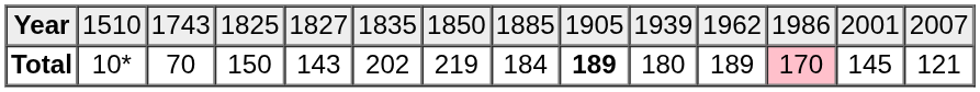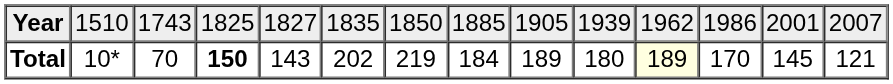 <table border="1" cellpadding="2" cellspacing="0" width="500">
 <tr bgcolor="#eeeeee" align="center">
 <td><strong>Year</strong></td>
 <td>1510</td>
 <td>1743</td>
 <td>1825</td>
 <td>1827</td>
 <td>1835</td>
 <td>1850</td>
 <td>1885</td>
 <td>1905</td>
 <td>1939</td>
 <td>1962</td>
 <td>1986</td>
 <td>2001</td>
 <td>2007</td>
 </tr>
 <tr align="center">
 <td><strong>Total</strong></td>
 <td>10*</td>
 <td>70</td>
-<td>150</td>
+<td><strong>150</strong></td>
 <td>143</td>
 <td>202</td>
 <td>219</td>
 <td>184</td>
-<td><strong>189</strong></td>
+<td>189</td>
 <td>180</td>
-<td>189</td>
-<td style="background: pink;">170</td>
+<td style="background: lightyellow;">189</td>
+<td>170</td>
 <td>145</td>
 <td>121</td>
 </tr>
 </table>
